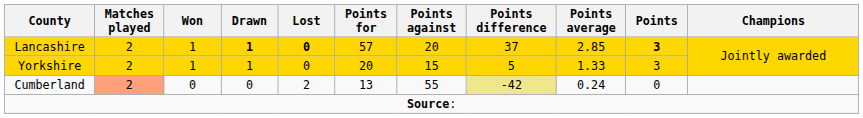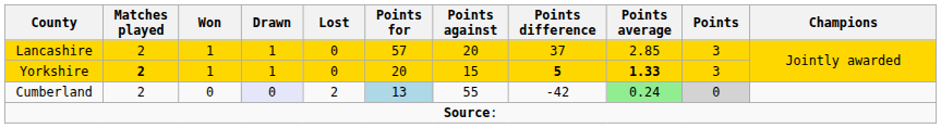 <table class="wikitable plainrowheaders" style="text-align: center; width: 60%">
 <tr>
 <th scope="col" style="width: 5%;">County</th>
 <th scope="col" style="width: 5%;">Matches played</th>
 <th scope="col" style="width: 5%;">Won</th>
 <th scope="col" style="width: 5%;">Drawn</th>
 <th scope="col" style="width: 5%;">Lost</th>
 <th scope="col" style="width: 5%;">Points for</th>
 <th scope="col" style="width: 5%;">Points against</th>
 <th scope="col" style="width: 5%;">Points difference</th>
 <th scope="col" style="width: 5%;">Points average</th>
 <th scope="col" style="width: 5%;">Points</th>
 <th scope="col" style="width: 15%;">Champions</th>
 </tr>
 <tr style="background: gold;">
 <td>Lancashire</td>
 <td>2</td>
 <td>1</td>
-<td><strong>1</strong></td>
-<td><strong>0</strong></td>
+<td>1</td>
+<td>0</td>
 <td>57</td>
 <td>20</td>
 <td>37</td>
 <td>2.85</td>
-<td><strong>3</strong></td>
+<td>3</td>
 <td rowspan="2">Jointly awarded</td>
 </tr>
 <tr style="background: gold;">
 <td>Yorkshire</td>
-<td>2</td>
+<td><strong>2</strong></td>
 <td>1</td>
 <td>1</td>
 <td>0</td>
 <td>20</td>
 <td>15</td>
-<td>5</td>
-<td>1.33</td>
+<td><strong>5</strong></td>
+<td><strong>1.33</strong></td>
 <td>3</td>
 </tr>
 <tr>
 <td>Cumberland</td>
-<td style="background: lightsalmon;">2</td>
+<td>2</td>
 <td>0</td>
-<td>0</td>
+<td style="background: lavender;">0</td>
 <td>2</td>
-<td>13</td>
+<td style="background: lightblue;">13</td>
 <td>55</td>
-<td style="background: khaki;">-42</td>
-<td>0.24</td>
-<td>0</td>
+<td>-42</td>
+<td style="background: lightgreen;">0.24</td>
+<td style="background: lightgrey;">0</td>
 <td></td>
 </tr>
 <tr>
 <td colspan="11"><strong>Source</strong>:</td>
 </tr>
 </table>
